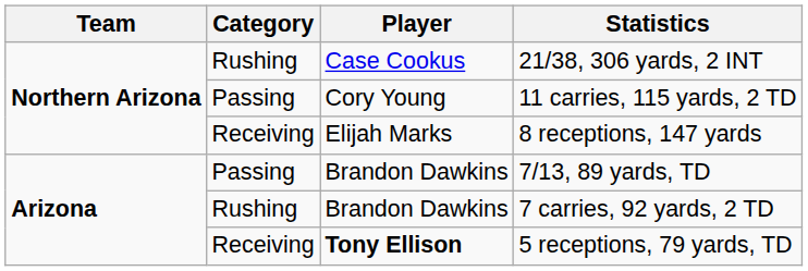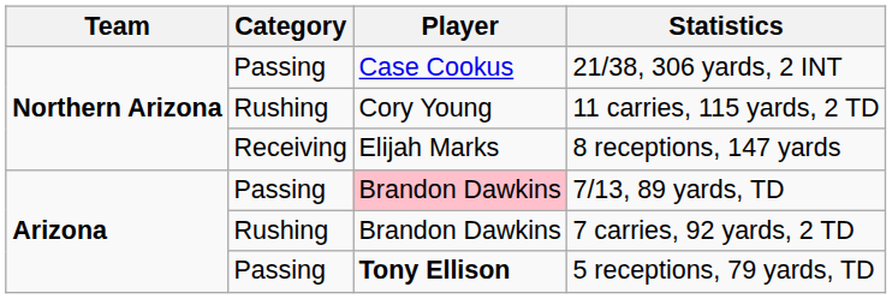 <table class="wikitable" style="float: right;">
 <tr>
 <th>Team</th>
 <th>Category</th>
 <th>Player</th>
 <th>Statistics</th>
 </tr>
 <tr>
 <td rowspan=3><strong>Northern Arizona</strong></td>
-<td>Rushing</td>
+<td>Passing</td>
 <td><a href='#'>Case Cookus</a></td>
 <td>21/38, 306 yards, 2 INT</td>
 </tr>
 <tr>
-<td>Passing</td>
+<td>Rushing</td>
 <td>Cory Young</td>
 <td>11 carries, 115 yards, 2 TD</td>
 </tr>
 <tr>
 <td>Receiving</td>
 <td>Elijah Marks</td>
 <td>8 receptions, 147 yards</td>
 </tr>
 <tr>
 <td rowspan=3><strong>Arizona</strong></td>
 <td>Passing</td>
-<td>Brandon Dawkins</td>
+<td style="background: pink;">Brandon Dawkins</td>
 <td>7/13, 89 yards, TD</td>
 </tr>
 <tr>
 <td>Rushing</td>
 <td>Brandon Dawkins</td>
 <td>7 carries, 92 yards, 2 TD</td>
 </tr>
 <tr>
-<td>Receiving</td>
+<td>Passing</td>
 <td><strong>Tony Ellison</strong></td>
 <td>5 receptions, 79 yards, TD</td>
 </tr>
 </table>
